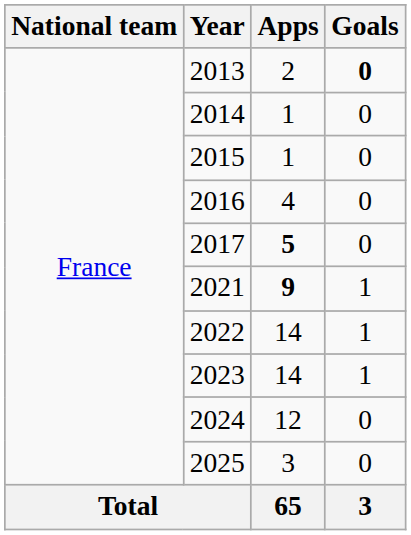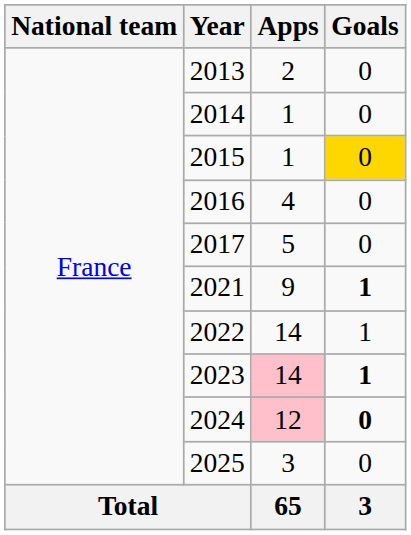 <table class="wikitable" style="text-align:center">
 <tr>
 <th>National team</th>
 <th>Year</th>
 <th>Apps</th>
 <th>Goals</th>
 </tr>
 <tr>
 <td rowspan=10><a href='#'>France</a></td>
 <td>2013</td>
 <td>2</td>
-<td><strong>0</strong></td>
+<td>0</td>
 </tr>
 <tr>
 <td>2014</td>
 <td>1</td>
 <td>0</td>
 </tr>
 <tr>
 <td>2015</td>
 <td>1</td>
-<td>0</td>
+<td style="background: gold;">0</td>
 </tr>
 <tr>
 <td>2016</td>
 <td>4</td>
 <td>0</td>
 </tr>
 <tr>
 <td>2017</td>
-<td><strong>5</strong></td>
+<td>5</td>
 <td>0</td>
 </tr>
 <tr>
 <td>2021</td>
-<td><strong>9</strong></td>
-<td>1</td>
+<td>9</td>
+<td><strong>1</strong></td>
 </tr>
 <tr>
 <td>2022</td>
 <td>14</td>
 <td>1</td>
 </tr>
 <tr>
 <td>2023</td>
-<td>14</td>
-<td>1</td>
+<td style="background: pink;">14</td>
+<td><strong>1</strong></td>
 </tr>
 <tr>
 <td>2024</td>
-<td>12</td>
-<td>0</td>
+<td style="background: pink;">12</td>
+<td><strong>0</strong></td>
 </tr>
 <tr>
 <td>2025</td>
 <td>3</td>
 <td>0</td>
 </tr>
 <tr>
 <th colspan=2>Total</th>
 <th>65</th>
 <th>3</th>
 </tr>
 </table>
